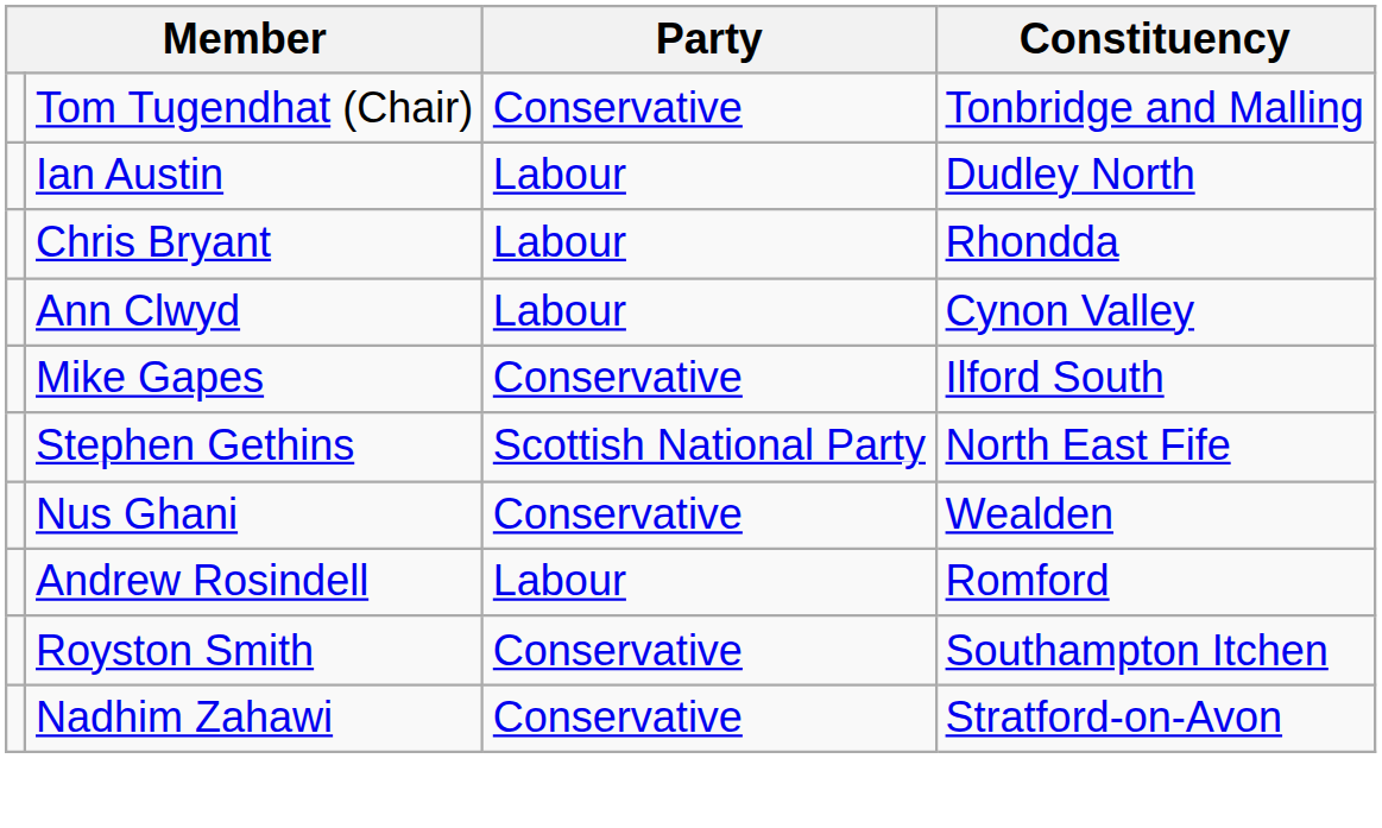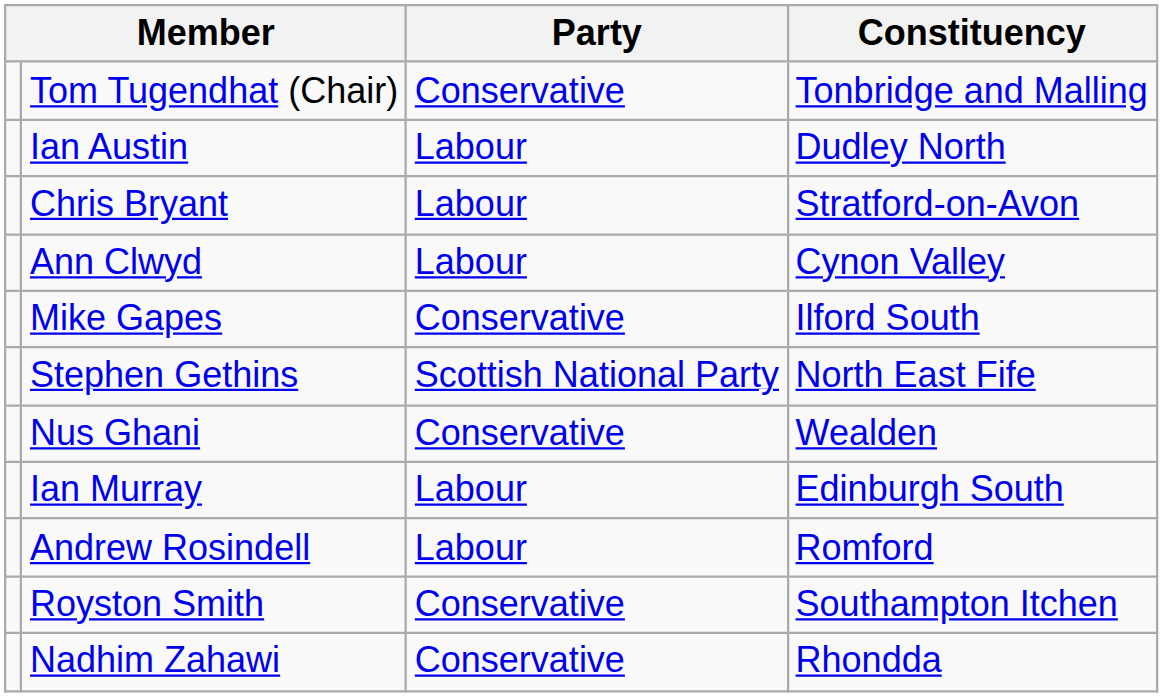 <table class="wikitable">
 <tr>
 <th colspan="2" valign="top">Member</th>
 <th valign="top">Party</th>
 <th valign="top">Constituency</th>
 </tr>
 <tr>
 <td style="color:inherit;background:"></td>
 <td><a href='#'>Tom Tugendhat</a> (Chair)</td>
 <td><a href='#'>Conservative</a></td>
 <td><a href='#'>Tonbridge and Malling</a></td>
 </tr>
 <tr>
 <td style="color:inherit;background:"></td>
 <td><a href='#'>Ian Austin</a></td>
 <td><a href='#'>Labour</a></td>
 <td><a href='#'>Dudley North</a></td>
 </tr>
 <tr>
 <td style="color:inherit;background:"></td>
 <td><a href='#'>Chris Bryant</a></td>
 <td><a href='#'>Labour</a></td>
-<td><a href='#'>Rhondda</a></td>
+<td><a href='#'>Stratford-on-Avon</a></td>
 </tr>
 <tr>
 <td style="color:inherit;background:"></td>
 <td><a href='#'>Ann Clwyd</a></td>
 <td><a href='#'>Labour</a></td>
 <td><a href='#'>Cynon Valley</a></td>
 </tr>
 <tr>
 <td style="color:inherit;background:"></td>
 <td><a href='#'>Mike Gapes</a></td>
 <td><a href='#'>Conservative</a></td>
 <td><a href='#'>Ilford South</a></td>
 </tr>
 <tr>
 <td style="color:inherit;background:"></td>
 <td><a href='#'>Stephen Gethins</a></td>
 <td><a href='#'>Scottish National Party</a></td>
 <td><a href='#'>North East Fife</a></td>
 </tr>
 <tr>
 <td style="color:inherit;background:"></td>
 <td><a href='#'>Nus Ghani</a></td>
 <td><a href='#'>Conservative</a></td>
 <td><a href='#'>Wealden</a></td>
 </tr>
 <tr>
 <td style="color:inherit;background:"></td>
+<td><a href='#'>Ian Murray</a></td>
+<td><a href='#'>Labour</a></td>
+<td><a href='#'>Edinburgh South</a></td>
+</tr>
+<tr>
+<td style="color:inherit;background:"></td>
 <td><a href='#'>Andrew Rosindell</a></td>
 <td><a href='#'>Labour</a></td>
 <td><a href='#'>Romford</a></td>
 </tr>
 <tr>
 <td style="color:inherit;background:"></td>
 <td><a href='#'>Royston Smith</a></td>
 <td><a href='#'>Conservative</a></td>
 <td><a href='#'>Southampton Itchen</a></td>
 </tr>
 <tr>
 <td style="color:inherit;background:"></td>
 <td><a href='#'>Nadhim Zahawi</a></td>
 <td><a href='#'>Conservative</a></td>
-<td><a href='#'>Stratford-on-Avon</a></td>
+<td><a href='#'>Rhondda</a></td>
 </tr>
 </table>
